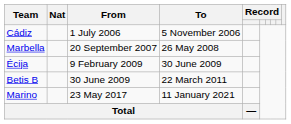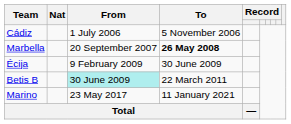 <table class="wikitable" style="text-align: center">
 <tr>
 <th rowspan="2">Team</th>
 <th rowspan="2">Nat</th>
 <th rowspan="2">From</th>
 <th rowspan="2">To</th>
 <th colspan="5">Record</th>
 <th rowspan=2></th>
 </tr>
 <tr>
 <th></th>
 <th></th>
 <th></th>
 <th></th>
 <th></th>
 </tr>
 <tr>
 <td align=left><a href='#'>Cádiz</a></td>
 <td></td>
 <td align=left>1 July 2006</td>
 <td align=left>5 November 2006<br></td>
 <td></td>
 </tr>
 <tr>
 <td align=left><a href='#'>Marbella</a></td>
 <td></td>
 <td align=left>20 September 2007</td>
-<td align=left>26 May 2008<br></td>
+<td align=left><strong>26 May 2008<br></strong></td>
 <td></td>
 </tr>
 <tr>
 <td align=left><a href='#'>Écija</a></td>
 <td></td>
 <td align=left>9 February 2009</td>
 <td align=left>30 June 2009<br></td>
 <td></td>
 </tr>
 <tr>
 <td align=left><a href='#'>Betis B</a></td>
 <td></td>
-<td align=left>30 June 2009</td>
+<td align=left style="background: paleturquoise;">30 June 2009</td>
 <td align=left>22 March 2011<br></td>
 <td></td>
 </tr>
 <tr>
 <td align=left><a href='#'>Marino</a></td>
 <td></td>
 <td align=left>23 May 2017</td>
 <td align=left>11 January 2021<br></td>
 <td></td>
 </tr>
 <tr>
 <th colspan="4">Total<br></th>
 <th>—</th>
 </tr>
 </table>
